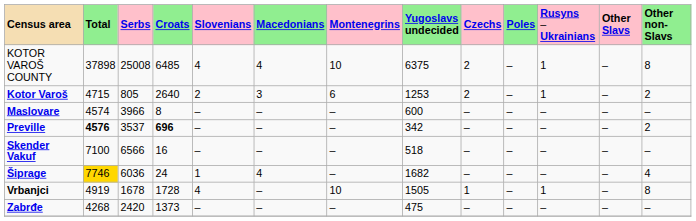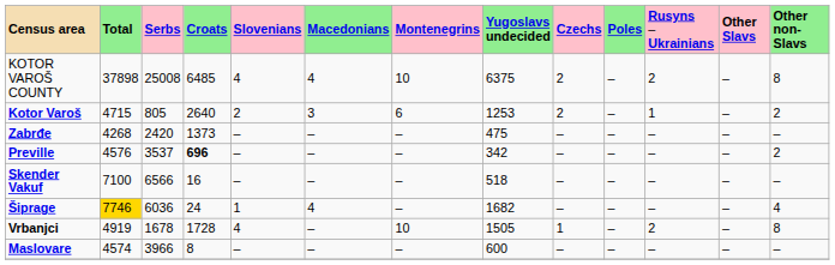 <table class="wikitable" style="font-size: 85%;">
 <tr style="background:style=;">
 <td style="background:wheat;"><strong>Census area</strong></td>
 <td style="background:lightgreen"><strong>Total</strong></td>
 <td style="background:pink"><strong><a href='#'>Serbs</a></strong></td>
 <td style="background:lightgreen"><strong><a href='#'>Croats</a></strong></td>
 <td style="background:pink"><strong><a href='#'>Slovenians</a></strong></td>
 <td style="background:lightgreen"><strong><a href='#'>Macedonians</a></strong></td>
 <td style="background:pink"><strong><a href='#'>Montenegrins</a></strong></td>
 <td style="background:lightgreen"><strong><a href='#'>Yugoslavs</a></strong><br><strong>undecided</strong></td>
 <td style="background:pink"><strong><a href='#'>Czechs</a></strong></td>
 <td style="background:lightgreen"><strong><a href='#'>Poles</a></strong></td>
 <td style="background:pink"><strong><a href='#'>Rusyns</a></strong><br>–<strong><a href='#'>Ukrainians</a></strong></td>
 <td style="background:pink"><strong>Other <a href='#'>Slavs</a></strong></td>
 <td style="background:lightgreen"><strong>Other non-Slavs</strong></td>
 </tr>
 <tr>
 <td>KOTOR VAROŠ COUNTY</td>
 <td>37898</td>
 <td>25008</td>
 <td>6485</td>
 <td>4</td>
 <td>4</td>
 <td>10</td>
 <td>6375</td>
 <td>2</td>
 <td>–</td>
-<td>1</td>
+<td>2</td>
 <td>–</td>
 <td>8</td>
 </tr>
 <tr>
 <td><strong><a href='#'>Kotor Varoš</a></strong></td>
 <td>4715</td>
 <td>805</td>
 <td>2640</td>
 <td>2</td>
 <td>3</td>
 <td>6</td>
 <td>1253</td>
 <td>2</td>
 <td>–</td>
 <td>1</td>
 <td>–</td>
 <td>2</td>
 </tr>
 <tr>
-<td><strong><a href='#'>Maslovare</a></strong></td>
-<td>4574</td>
-<td>3966</td>
-<td>8</td>
+<td><strong><a href='#'>Zabrđe</a></strong></td>
+<td>4268</td>
+<td>2420</td>
+<td>1373</td>
 <td>–</td>
 <td>–</td>
 <td>–</td>
-<td>600</td>
+<td>475</td>
 <td>–</td>
 <td>–</td>
 <td>–</td>
 <td>–</td>
 <td>–</td>
 </tr>
 <tr>
 <td><strong><a href='#'>Preville</a></strong></td>
-<td><strong>4576</strong></td>
+<td>4576</td>
 <td>3537</td>
 <td><strong>696</strong></td>
 <td>–</td>
 <td>–</td>
 <td>–</td>
 <td>342</td>
 <td>–</td>
 <td>–</td>
 <td>–</td>
 <td>–</td>
 <td>2</td>
 </tr>
 <tr>
 <td><strong><a href='#'>Skender Vakuf</a></strong></td>
 <td>7100</td>
 <td>6566</td>
 <td>16</td>
 <td>–</td>
 <td>–</td>
 <td>–</td>
 <td>518</td>
 <td>–</td>
 <td>–</td>
 <td>–</td>
 <td>–</td>
 <td>–</td>
 </tr>
 <tr>
 <td><strong><a href='#'>Šiprage</a></strong></td>
 <td style="background: gold;">7746</td>
 <td>6036</td>
 <td>24</td>
 <td>1</td>
 <td>4</td>
 <td>–</td>
 <td>1682</td>
 <td>–</td>
 <td>–</td>
 <td>–</td>
 <td>–</td>
 <td>4</td>
 </tr>
 <tr>
 <td><strong>Vrbanjci</strong></td>
 <td>4919</td>
 <td>1678</td>
 <td>1728</td>
 <td>4</td>
 <td>–</td>
 <td>10</td>
 <td>1505</td>
 <td>1</td>
 <td>–</td>
-<td>1</td>
+<td>2</td>
 <td>–</td>
 <td>8</td>
 </tr>
 <tr>
-<td><strong><a href='#'>Zabrđe</a></strong></td>
-<td>4268</td>
-<td>2420</td>
-<td>1373</td>
+<td><strong><a href='#'>Maslovare</a></strong></td>
+<td>4574</td>
+<td>3966</td>
+<td>8</td>
 <td>–</td>
 <td>–</td>
 <td>–</td>
-<td>475</td>
+<td>600</td>
 <td>–</td>
 <td>–</td>
 <td>–</td>
 <td>–</td>
 <td>–</td>
 </tr>
 <tr>
 </tr>
 </table>
